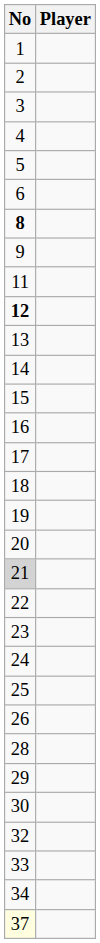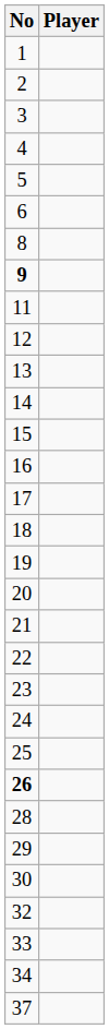 <table class="wikitable sortable" style="text-align:center;">
 <tr>
 <th><strong>No</strong></th>
 <th><strong>Player</strong></th>
 </tr>
 <tr>
 <td>1</td>
 <td align=left></td>
 </tr>
 <tr>
 <td>2</td>
 <td align=left></td>
 </tr>
 <tr>
 <td>3</td>
 <td align=left></td>
 </tr>
 <tr>
 <td>4</td>
 <td align=left></td>
 </tr>
 <tr>
 <td>5</td>
 <td align=left></td>
 </tr>
 <tr>
 <td>6</td>
 <td align=left></td>
 </tr>
 <tr>
-<td><strong>8</strong></td>
+<td>8</td>
 <td align=left></td>
 </tr>
 <tr>
-<td>9</td>
+<td><strong>9</strong></td>
 <td align=left></td>
 </tr>
 <tr>
 <td>11</td>
 <td align=left></td>
 </tr>
 <tr>
-<td><strong>12</strong></td>
+<td>12</td>
 <td align=left></td>
 </tr>
 <tr>
 <td>13</td>
 <td align=left></td>
 </tr>
 <tr>
 <td>14</td>
 <td align=left></td>
 </tr>
 <tr>
 <td>15</td>
 <td align=left></td>
 </tr>
 <tr>
 <td>16</td>
 <td align=left></td>
 </tr>
 <tr>
 <td>17</td>
 <td align=left></td>
 </tr>
 <tr>
 <td>18</td>
 <td align=left></td>
 </tr>
 <tr>
 <td>19</td>
 <td align=left></td>
 </tr>
 <tr>
 <td>20</td>
 <td align=left></td>
 </tr>
 <tr>
-<td style="background: lightgrey;">21</td>
+<td>21</td>
 <td align=left></td>
 </tr>
 <tr>
 <td>22</td>
 <td align=left></td>
 </tr>
 <tr>
 <td>23</td>
 <td align=left></td>
 </tr>
 <tr>
 <td>24</td>
 <td align=left></td>
 </tr>
 <tr>
 <td>25</td>
 <td align=left></td>
 </tr>
 <tr>
-<td>26</td>
+<td><strong>26</strong></td>
 <td align=left></td>
 </tr>
 <tr>
 <td>28</td>
 <td align=left></td>
 </tr>
 <tr>
 <td>29</td>
 <td align=left></td>
 </tr>
 <tr>
 <td>30</td>
 <td align=left></td>
 </tr>
 <tr>
 <td>32</td>
 <td align=left></td>
 </tr>
 <tr>
 <td>33</td>
 <td align=left></td>
 </tr>
 <tr>
 <td>34</td>
 <td align=left></td>
 </tr>
 <tr>
-<td style="background: lightyellow;">37</td>
+<td>37</td>
 <td align=left></td>
 </tr>
 </table>
